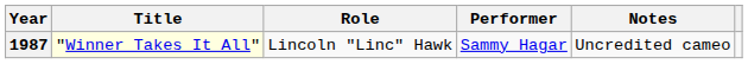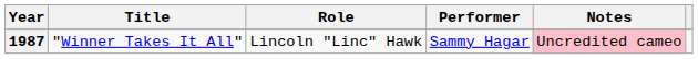 <table class="wikitable plainrowheaders" style="margin-right: 0;">
 <tr>
 <th scope="col">Year</th>
 <th scope="col">Title</th>
 <th scope="col">Role</th>
 <th scope="col">Performer</th>
 <th scope="col">Notes</th>
 <th scope="col"></th>
 </tr>
 <tr>
 <th scope=row>1987</th>
-<td style="background: lightyellow;">"<a href='#'>Winner Takes It All</a>"</td>
+<td>"<a href='#'>Winner Takes It All</a>"</td>
 <td>Lincoln "Linc" Hawk</td>
 <td><a href='#'>Sammy Hagar</a></td>
-<td>Uncredited cameo</td>
+<td style="background: pink;">Uncredited cameo</td>
 <td style="text-align:center;"></td>
 </tr>
 </table>
